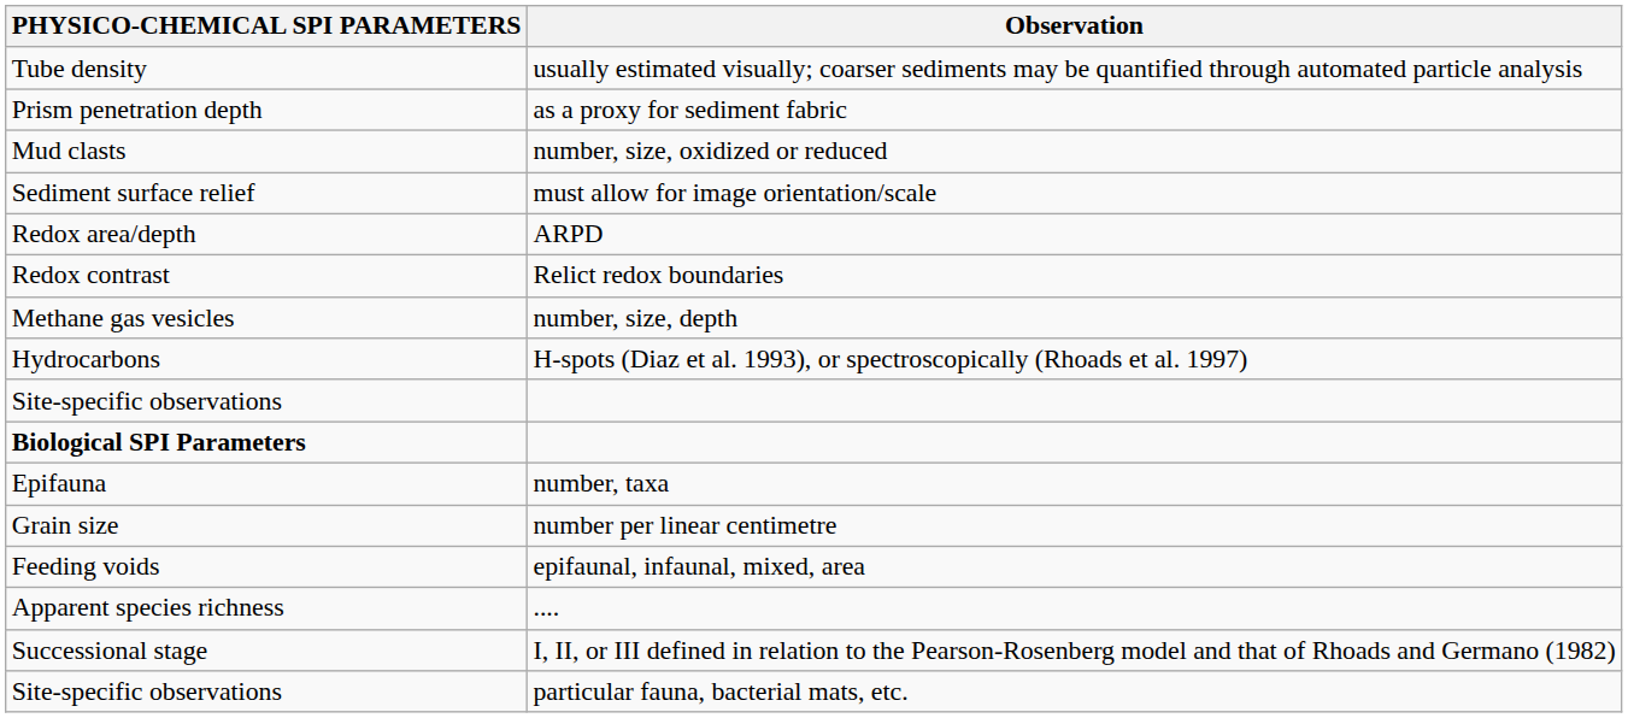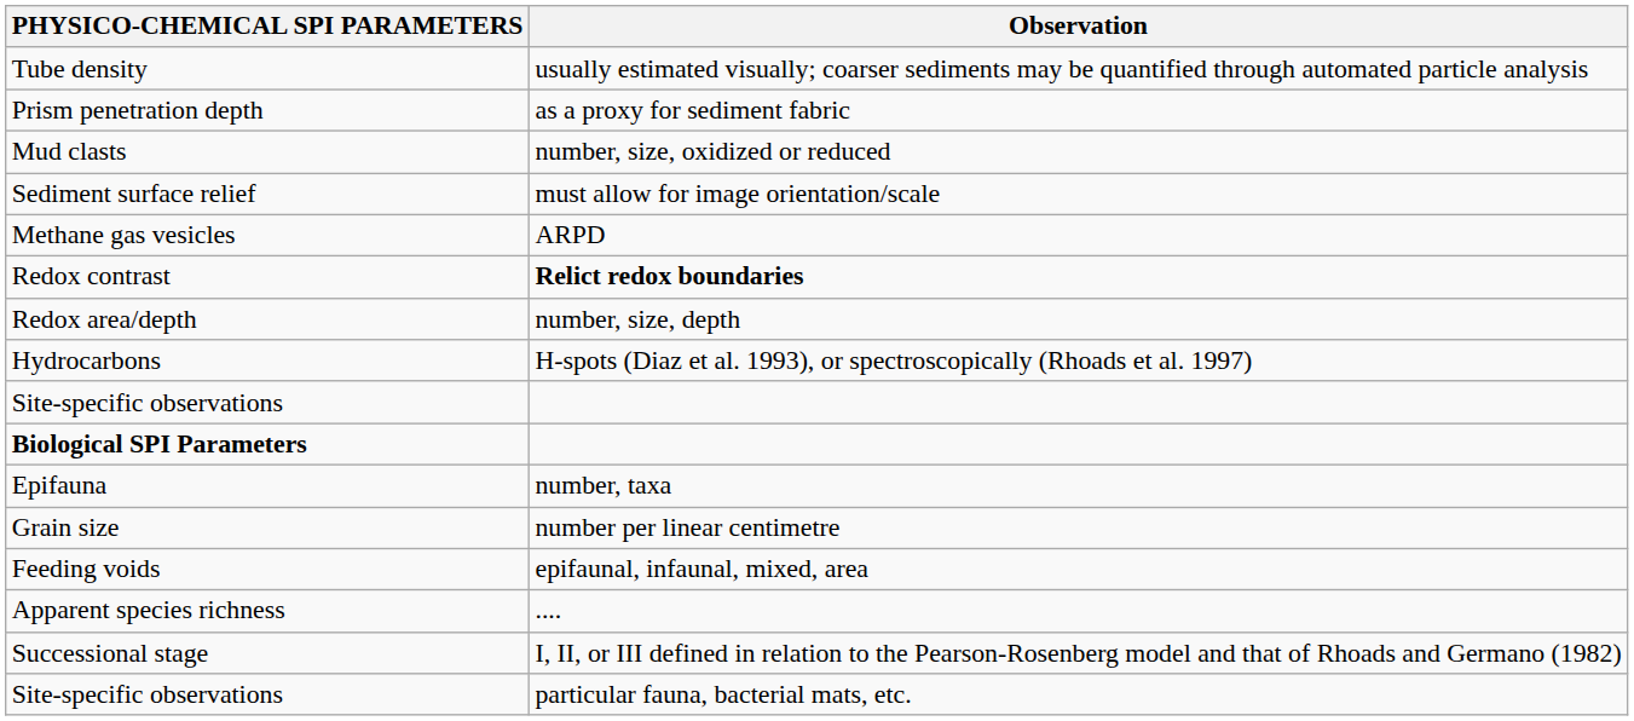 <table class="wikitable">
 <tr>
 <th><strong>PHYSICO-CHEMICAL SPI PARAMETERS</strong></th>
 <th>Observation</th>
 </tr>
 <tr>
 <td>Tube density</td>
 <td>usually estimated visually; coarser sediments may be quantified through automated particle analysis</td>
 </tr>
 <tr>
 <td>Prism penetration depth</td>
 <td>as a proxy for sediment fabric</td>
 </tr>
 <tr>
 <td>Mud clasts</td>
 <td>number, size, oxidized or reduced</td>
 </tr>
 <tr>
 <td>Sediment surface relief</td>
 <td>must allow for image orientation/scale</td>
 </tr>
 <tr>
-<td>Redox area/depth</td>
+<td>Methane gas vesicles</td>
 <td>ARPD</td>
 </tr>
 <tr>
 <td>Redox contrast</td>
-<td>Relict redox boundaries</td>
+<td><strong>Relict redox boundaries</strong></td>
 </tr>
 <tr>
-<td>Methane gas vesicles</td>
+<td>Redox area/depth</td>
 <td>number, size, depth</td>
 </tr>
 <tr>
 <td>Hydrocarbons</td>
 <td>H-spots (Diaz et al. 1993), or spectroscopically (Rhoads et al. 1997)</td>
 </tr>
 <tr>
 <td>Site-specific observations</td>
 <td></td>
 </tr>
 <tr>
 <td><strong>Biological SPI Parameters</strong></td>
 <td></td>
 </tr>
 <tr>
 <td>Epifauna</td>
 <td>number, taxa</td>
 </tr>
 <tr>
 <td>Grain size</td>
 <td>number per linear centimetre</td>
 </tr>
 <tr>
 <td>Feeding voids</td>
 <td>epifaunal, infaunal, mixed, area</td>
 </tr>
 <tr>
 <td>Apparent species richness</td>
 <td>....</td>
 </tr>
 <tr>
 <td>Successional stage</td>
 <td>I, II, or III defined in relation to the Pearson-Rosenberg model and that of Rhoads and Germano (1982)</td>
 </tr>
 <tr>
 <td>Site-specific observations</td>
 <td>particular fauna, bacterial mats, etc.</td>
 </tr>
 </table>
